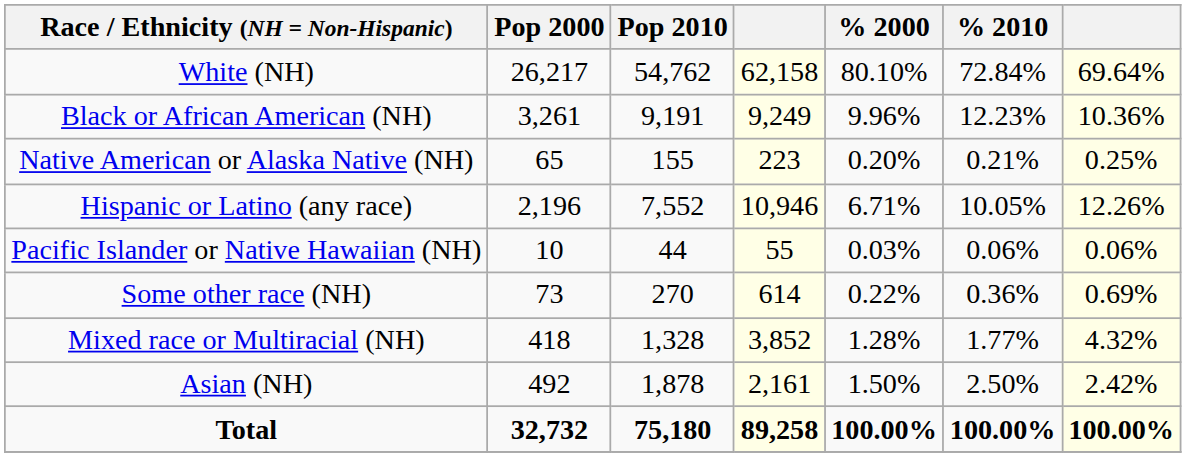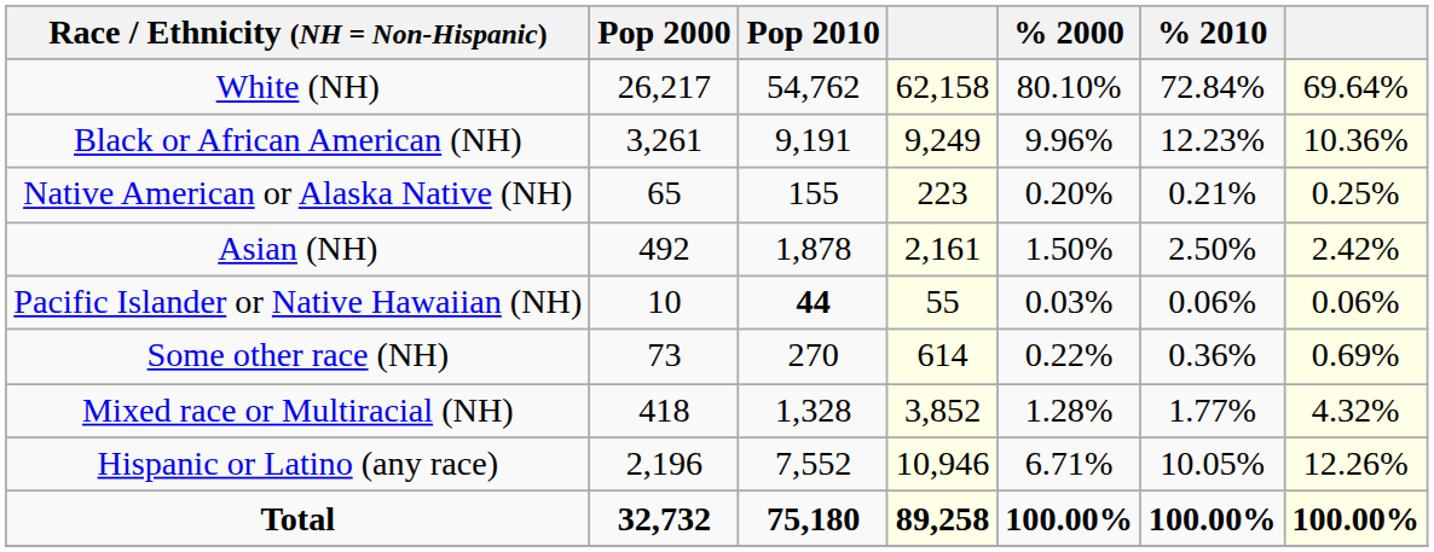 <table class="wikitable" style="text-align:center;">
 <tr>
 <th>Race / Ethnicity <small>(<em>NH = Non-Hispanic</em>)</small></th>
 <th>Pop 2000</th>
 <th>Pop 2010</th>
 <th></th>
 <th>% 2000</th>
 <th>% 2010</th>
 <th></th>
 </tr>
 <tr>
 <td><a href='#'>White</a> (NH)</td>
 <td>26,217</td>
 <td>54,762</td>
 <td style='background: #ffffe6;'>62,158</td>
 <td>80.10%</td>
 <td>72.84%</td>
 <td style='background: #ffffe6;'>69.64%</td>
 </tr>
 <tr>
 <td><a href='#'>Black or African American</a> (NH)</td>
 <td>3,261</td>
 <td>9,191</td>
 <td style='background: #ffffe6;'>9,249</td>
 <td>9.96%</td>
 <td>12.23%</td>
 <td style='background: #ffffe6;'>10.36%</td>
 </tr>
 <tr>
 <td><a href='#'>Native American</a> or <a href='#'>Alaska Native</a> (NH)</td>
 <td>65</td>
 <td>155</td>
 <td style='background: #ffffe6;'>223</td>
 <td>0.20%</td>
 <td>0.21%</td>
 <td style='background: #ffffe6;'>0.25%</td>
 </tr>
 <tr>
-<td><a href='#'>Hispanic or Latino</a> (any race)</td>
-<td>2,196</td>
-<td>7,552</td>
-<td style='background: #ffffe6;'>10,946</td>
-<td>6.71%</td>
-<td>10.05%</td>
-<td style='background: #ffffe6;'>12.26%</td>
+<td><a href='#'>Asian</a> (NH)</td>
+<td>492</td>
+<td>1,878</td>
+<td style='background: #ffffe6;'>2,161</td>
+<td>1.50%</td>
+<td>2.50%</td>
+<td style='background: #ffffe6;'>2.42%</td>
 </tr>
 <tr>
 <td><a href='#'>Pacific Islander</a> or <a href='#'>Native Hawaiian</a> (NH)</td>
 <td>10</td>
-<td>44</td>
+<td><strong>44</strong></td>
 <td style='background: #ffffe6;'>55</td>
 <td>0.03%</td>
 <td>0.06%</td>
 <td style='background: #ffffe6;'>0.06%</td>
 </tr>
 <tr>
 <td><a href='#'>Some other race</a> (NH)</td>
 <td>73</td>
 <td>270</td>
 <td style='background: #ffffe6;'>614</td>
 <td>0.22%</td>
 <td>0.36%</td>
 <td style='background: #ffffe6;'>0.69%</td>
 </tr>
 <tr>
 <td><a href='#'>Mixed race or Multiracial</a> (NH)</td>
 <td>418</td>
 <td>1,328</td>
 <td style='background: #ffffe6;'>3,852</td>
 <td>1.28%</td>
 <td>1.77%</td>
 <td style='background: #ffffe6;'>4.32%</td>
 </tr>
 <tr>
-<td><a href='#'>Asian</a> (NH)</td>
-<td>492</td>
-<td>1,878</td>
-<td style='background: #ffffe6;'>2,161</td>
-<td>1.50%</td>
-<td>2.50%</td>
-<td style='background: #ffffe6;'>2.42%</td>
+<td><a href='#'>Hispanic or Latino</a> (any race)</td>
+<td>2,196</td>
+<td>7,552</td>
+<td style='background: #ffffe6;'>10,946</td>
+<td>6.71%</td>
+<td>10.05%</td>
+<td style='background: #ffffe6;'>12.26%</td>
 </tr>
 <tr>
 <td><strong>Total</strong></td>
 <td><strong>32,732</strong></td>
 <td><strong>75,180</strong></td>
 <td style='background: #ffffe6;'><strong>89,258</strong></td>
 <td><strong>100.00%</strong></td>
 <td><strong>100.00%</strong></td>
 <td style='background: #ffffe6;'><strong>100.00%</strong></td>
 </tr>
 <tr>
 </tr>
 </table>
